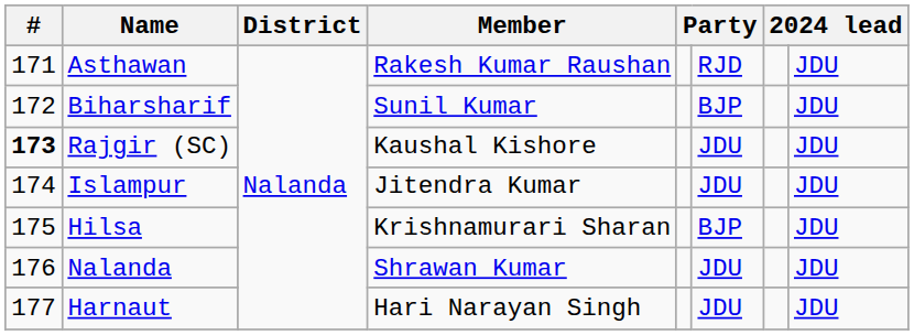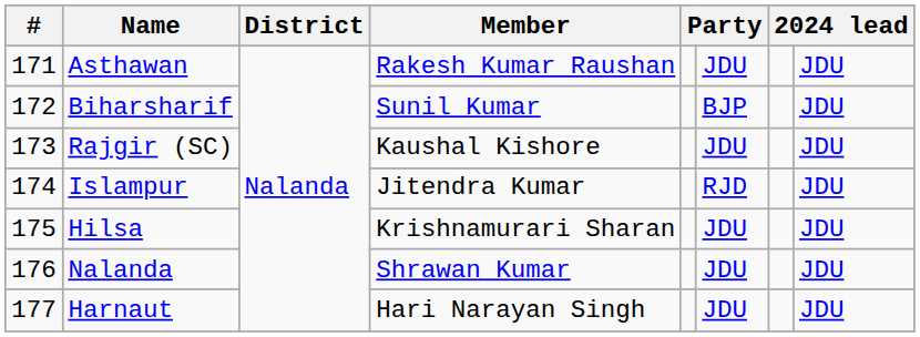 <table class="wikitable">
 <tr>
 <th>#</th>
 <th>Name</th>
 <th>District</th>
 <th>Member</th>
 <th colspan="2">Party</th>
 <th colspan="2">2024 lead</th>
 </tr>
 <tr>
 <td>171</td>
 <td><a href='#'>Asthawan</a></td>
 <td rowspan="7"><a href='#'>Nalanda</a></td>
 <td><a href='#'>Rakesh Kumar Raushan</a></td>
 <td style="background-color: "></td>
-<td><a href='#'>RJD</a></td>
+<td><a href='#'>JDU</a></td>
 <td style="background-color: "></td>
 <td><a href='#'>JDU</a></td>
 </tr>
 <tr>
 <td>172</td>
 <td><a href='#'>Biharsharif</a></td>
 <td><a href='#'>Sunil Kumar</a></td>
 <td style="background-color: "></td>
 <td><a href='#'>BJP</a></td>
 <td style="background-color: "></td>
 <td><a href='#'>JDU</a></td>
 </tr>
 <tr>
-<td><strong>173</strong></td>
+<td>173</td>
 <td><a href='#'>Rajgir</a> (SC)</td>
 <td>Kaushal Kishore</td>
 <td style="background-color: "></td>
 <td><a href='#'>JDU</a></td>
 <td style="background-color: "></td>
 <td><a href='#'>JDU</a></td>
 </tr>
 <tr>
 <td>174</td>
 <td><a href='#'>Islampur</a></td>
 <td>Jitendra Kumar</td>
 <td style="background-color: "></td>
-<td><a href='#'>JDU</a></td>
+<td><a href='#'>RJD</a></td>
 <td style="background-color: "></td>
 <td><a href='#'>JDU</a></td>
 </tr>
 <tr>
 <td>175</td>
 <td><a href='#'>Hilsa</a></td>
 <td>Krishnamurari Sharan</td>
 <td style="background-color: "></td>
-<td><a href='#'>BJP</a></td>
+<td><a href='#'>JDU</a></td>
 <td style="background-color: "></td>
 <td><a href='#'>JDU</a></td>
 </tr>
 <tr>
 <td>176</td>
 <td><a href='#'>Nalanda</a></td>
 <td><a href='#'>Shrawan Kumar</a></td>
 <td style="background-color: "></td>
 <td><a href='#'>JDU</a></td>
 <td style="background-color: "></td>
 <td><a href='#'>JDU</a></td>
 </tr>
 <tr>
 <td>177</td>
 <td><a href='#'>Harnaut</a></td>
 <td>Hari Narayan Singh</td>
 <td style="background-color: "></td>
 <td><a href='#'>JDU</a></td>
 <td style="background-color: "></td>
 <td><a href='#'>JDU</a></td>
 </tr>
 </table>
